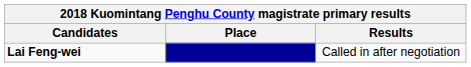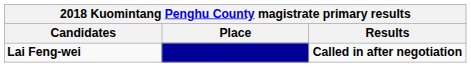 <table class="wikitable collapsible" style="margin:1em auto;">
 <tr>
 <th colspan="5" width=600>2018 Kuomintang <a href='#'>Penghu County</a> magistrate primary results</th>
 </tr>
 <tr>
 <th width=80>Candidates</th>
 <th width=80>Place</th>
 <th width=80>Results</th>
 </tr>
 <tr>
 <td><strong>Lai Feng-wei</strong></td>
 <td style="background: #000099; text-align:center"><strong></strong></td>
-<td style="text-align:center">Called in after negotiation</td>
+<td style="text-align:center"><strong>Called in after negotiation</strong></td>
 </tr>
 </table>
